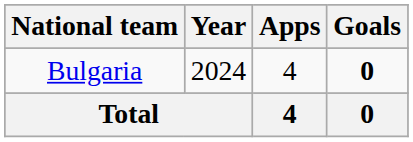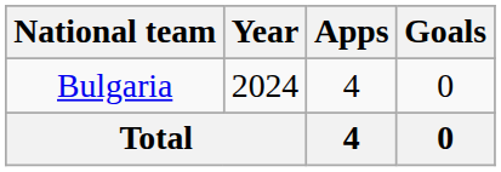 <table class="wikitable" style="text-align:center">
 <tr>
 <th>National team</th>
 <th>Year</th>
 <th>Apps</th>
 <th>Goals</th>
 </tr>
 <tr>
 <td rowspan="1"><a href='#'>Bulgaria</a></td>
 <td>2024</td>
 <td>4</td>
-<td><strong>0</strong></td>
+<td>0</td>
 </tr>
 <tr>
 <th colspan="2">Total</th>
 <th>4</th>
 <th>0</th>
 </tr>
 </table>
